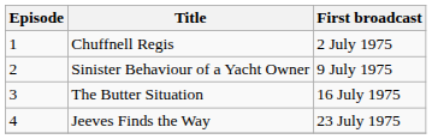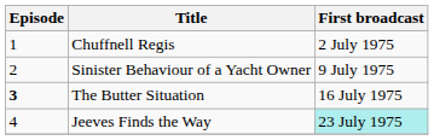 <table class="wikitable">
 <tr>
 <th>Episode</th>
 <th>Title</th>
 <th>First broadcast</th>
 </tr>
 <tr>
 <td>1</td>
 <td>Chuffnell Regis</td>
 <td>2 July 1975</td>
 </tr>
 <tr>
 <td>2</td>
 <td>Sinister Behaviour of a Yacht Owner</td>
 <td>9 July 1975</td>
 </tr>
 <tr>
-<td>3</td>
+<td><strong>3</strong></td>
 <td>The Butter Situation</td>
 <td>16 July 1975</td>
 </tr>
 <tr>
 <td>4</td>
 <td>Jeeves Finds the Way</td>
-<td>23 July 1975</td>
+<td style="background: paleturquoise;">23 July 1975</td>
 </tr>
 <tr>
 </tr>
 </table>
